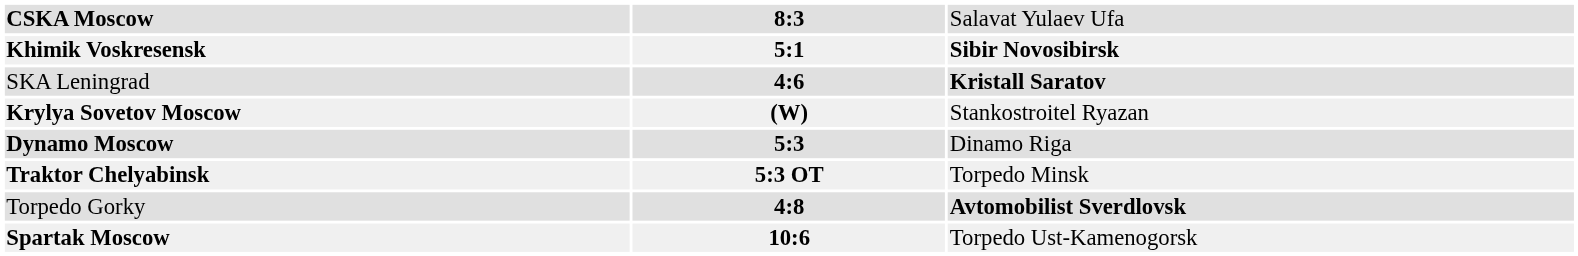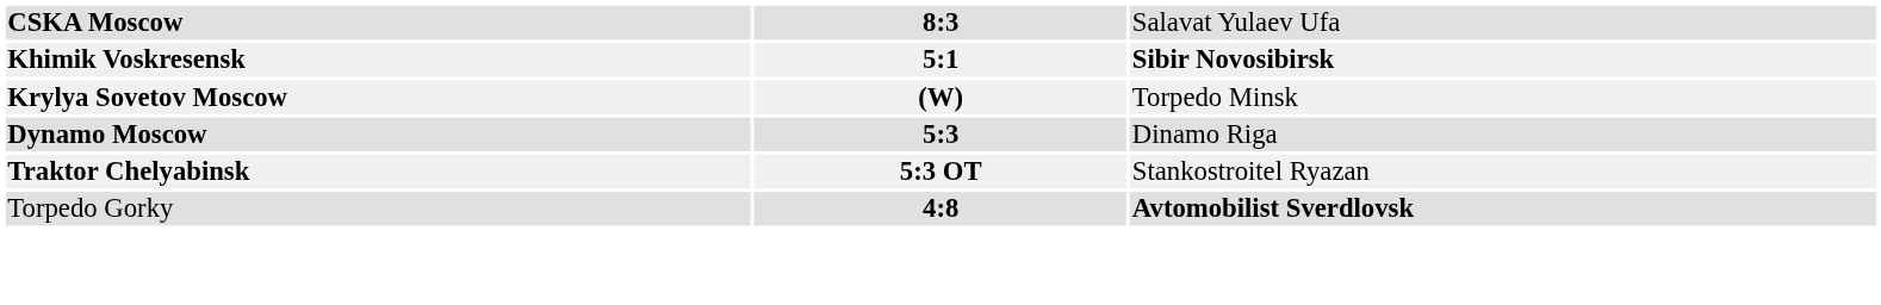 <table width="70%">
 <tr bgcolor="#e0e0e0">
 <td style="width:40%;"><strong>CSKA Moscow</strong></td>
 <th style="width:20%;"><strong>8:3</strong></th>
 <td style="width:40%;">Salavat Yulaev Ufa</td>
 </tr>
 <tr bgcolor="#f0f0f0">
 <td><strong>Khimik Voskresensk</strong></td>
 <th><strong>5:1</strong></th>
 <td><strong>Sibir Novosibirsk</strong></td>
 </tr>
-<tr bgcolor="#e0e0e0">
-<td>SKA Leningrad</td>
-<th><strong>4:6</strong></th>
-<td><strong>Kristall Saratov</strong></td>
-</tr>
 <tr bgcolor="#f0f0f0">
 <td><strong>Krylya Sovetov Moscow</strong></td>
 <td align="center"><strong>(W)</strong></td>
-<td>Stankostroitel Ryazan</td>
+<td>Torpedo Minsk</td>
 </tr>
 <tr bgcolor="#e0e0e0">
 <td><strong>Dynamo Moscow</strong></td>
 <th><strong>5:3</strong></th>
 <td>Dinamo Riga</td>
 </tr>
 <tr bgcolor="#f0f0f0">
 <td><strong>Traktor Chelyabinsk</strong></td>
 <td align="center"><strong>5:3 OT</strong></td>
-<td>Torpedo Minsk</td>
+<td>Stankostroitel Ryazan</td>
 </tr>
 <tr bgcolor="#e0e0e0">
 <td>Torpedo Gorky</td>
 <th><strong>4:8</strong></th>
 <td><strong>Avtomobilist Sverdlovsk</strong></td>
 </tr>
-<tr bgcolor="#f0f0f0">
-<td><strong>Spartak Moscow</strong></td>
-<td align="center"><strong>10:6</strong></td>
-<td>Torpedo Ust-Kamenogorsk</td>
-</tr>
 </table>
